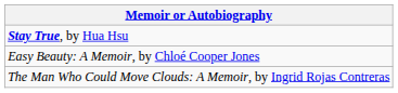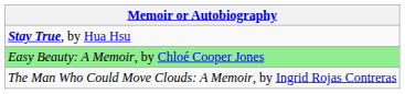 <table class="wikitable" style="float:left; float:none;">
 <tr>
 <th><a href='#'>Memoir or Autobiography</a></th>
 </tr>
 <tr>
 <td><strong><em><a href='#'>Stay True</a></em></strong>, by <a href='#'>Hua Hsu</a></td>
 </tr>
 <tr>
-<td><em>Easy Beauty: A Memoir</em>, by <a href='#'>Chloé Cooper Jones</a></td>
+<td style="background: lightgreen;"><em>Easy Beauty: A Memoir</em>, by <a href='#'>Chloé Cooper Jones</a></td>
 </tr>
 <tr>
 <td><em>The Man Who Could Move Clouds: A Memoir</em>, by <a href='#'>Ingrid Rojas Contreras</a></td>
 </tr>
 </table>
